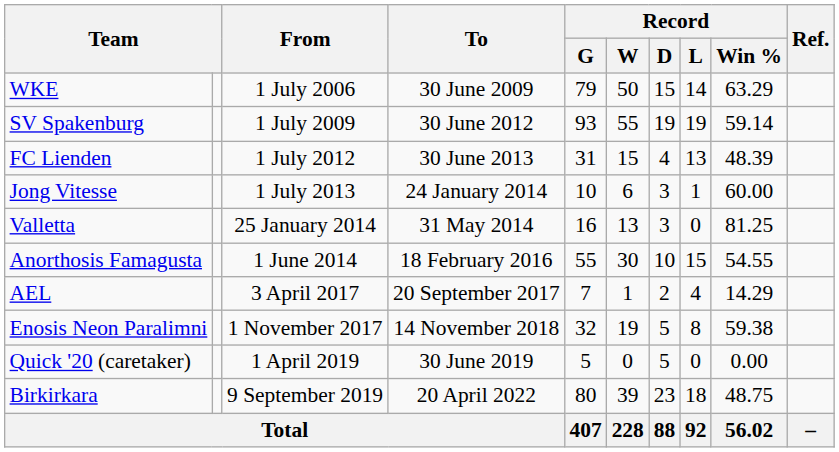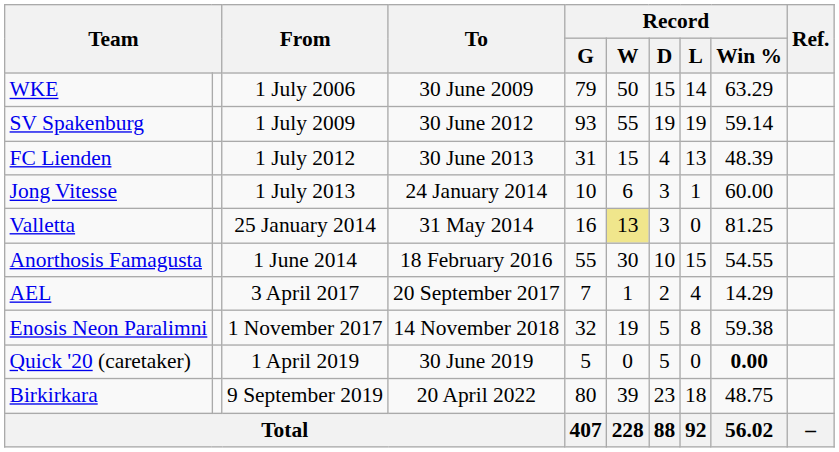 <table class="wikitable">
 <tr>
 <th colspan="2" rowspan="2">Team</th>
 <th rowspan="2">From</th>
 <th rowspan="2">To</th>
 <th colspan="5">Record</th>
 <th rowspan="2">Ref.</th>
 </tr>
 <tr>
 <th>G</th>
 <th>W</th>
 <th>D</th>
 <th>L</th>
 <th>Win %</th>
 </tr>
 <tr>
 <td><a href='#'>WKE</a></td>
 <td></td>
 <td align="center">1 July 2006</td>
 <td align="center">30 June 2009</td>
 <td align="center">79</td>
 <td align="center">50</td>
 <td align="center">15</td>
 <td align="center">14</td>
 <td align="center">63.29</td>
 <td></td>
 </tr>
 <tr>
 <td><a href='#'>SV Spakenburg</a></td>
 <td></td>
 <td align="center">1 July 2009</td>
 <td align="center">30 June 2012</td>
 <td align="center">93</td>
 <td align="center">55</td>
 <td align="center">19</td>
 <td align="center">19</td>
 <td align="center">59.14</td>
 <td></td>
 </tr>
 <tr>
 <td><a href='#'>FC Lienden</a></td>
 <td></td>
 <td align="center">1 July 2012</td>
 <td align="center">30 June 2013</td>
 <td align="center">31</td>
 <td align="center">15</td>
 <td align="center">4</td>
 <td align="center">13</td>
 <td align="center">48.39</td>
 <td></td>
 </tr>
 <tr>
 <td><a href='#'>Jong Vitesse</a></td>
 <td></td>
 <td align="center">1 July 2013</td>
 <td align="center">24 January 2014</td>
 <td align="center">10</td>
 <td align="center">6</td>
 <td align="center">3</td>
 <td align="center">1</td>
 <td align="center">60.00</td>
 <td></td>
 </tr>
 <tr>
 <td><a href='#'>Valletta</a></td>
 <td></td>
 <td align="center">25 January 2014</td>
 <td align="center">31 May 2014</td>
 <td align="center">16</td>
-<td align="center">13</td>
+<td align="center" style="background: khaki;">13</td>
 <td align="center">3</td>
 <td align="center">0</td>
 <td align="center">81.25</td>
 <td></td>
 </tr>
 <tr>
 <td><a href='#'>Anorthosis Famagusta</a></td>
 <td></td>
 <td align="center">1 June 2014</td>
 <td align="center">18 February 2016</td>
 <td align="center">55</td>
 <td align="center">30</td>
 <td align="center">10</td>
 <td align="center">15</td>
 <td align="center">54.55</td>
 <td></td>
 </tr>
 <tr>
 <td><a href='#'>AEL</a></td>
 <td></td>
 <td align="center">3 April 2017</td>
 <td align="center">20 September 2017</td>
 <td align="center">7</td>
 <td align="center">1</td>
 <td align="center">2</td>
 <td align="center">4</td>
 <td align="center">14.29</td>
 <td></td>
 </tr>
 <tr>
 <td><a href='#'>Enosis Neon Paralimni</a></td>
 <td></td>
 <td align="center">1 November 2017</td>
 <td align="center">14 November 2018</td>
 <td align="center">32</td>
 <td align="center">19</td>
 <td align="center">5</td>
 <td align="center">8</td>
 <td align="center">59.38</td>
 <td></td>
 </tr>
 <tr>
 <td><a href='#'>Quick '20</a> (caretaker)</td>
 <td></td>
 <td align="center">1 April 2019</td>
 <td align="center">30 June 2019</td>
 <td align="center">5</td>
 <td align="center">0</td>
 <td align="center">5</td>
 <td align="center">0</td>
-<td align="center">0.00</td>
+<td align="center"><strong>0.00</strong></td>
 <td></td>
 </tr>
 <tr>
 <td><a href='#'>Birkirkara</a></td>
 <td></td>
 <td align="center">9 September 2019</td>
 <td align="center">20 April 2022</td>
 <td align="center">80</td>
 <td align="center">39</td>
 <td align="center">23</td>
 <td align="center">18</td>
 <td align="center">48.75</td>
 <td></td>
 </tr>
 <tr>
 <th colspan="4">Total</th>
 <th>407</th>
 <th>228</th>
 <th>88</th>
 <th>92</th>
 <th>56.02</th>
 <th>–</th>
 </tr>
 </table>
